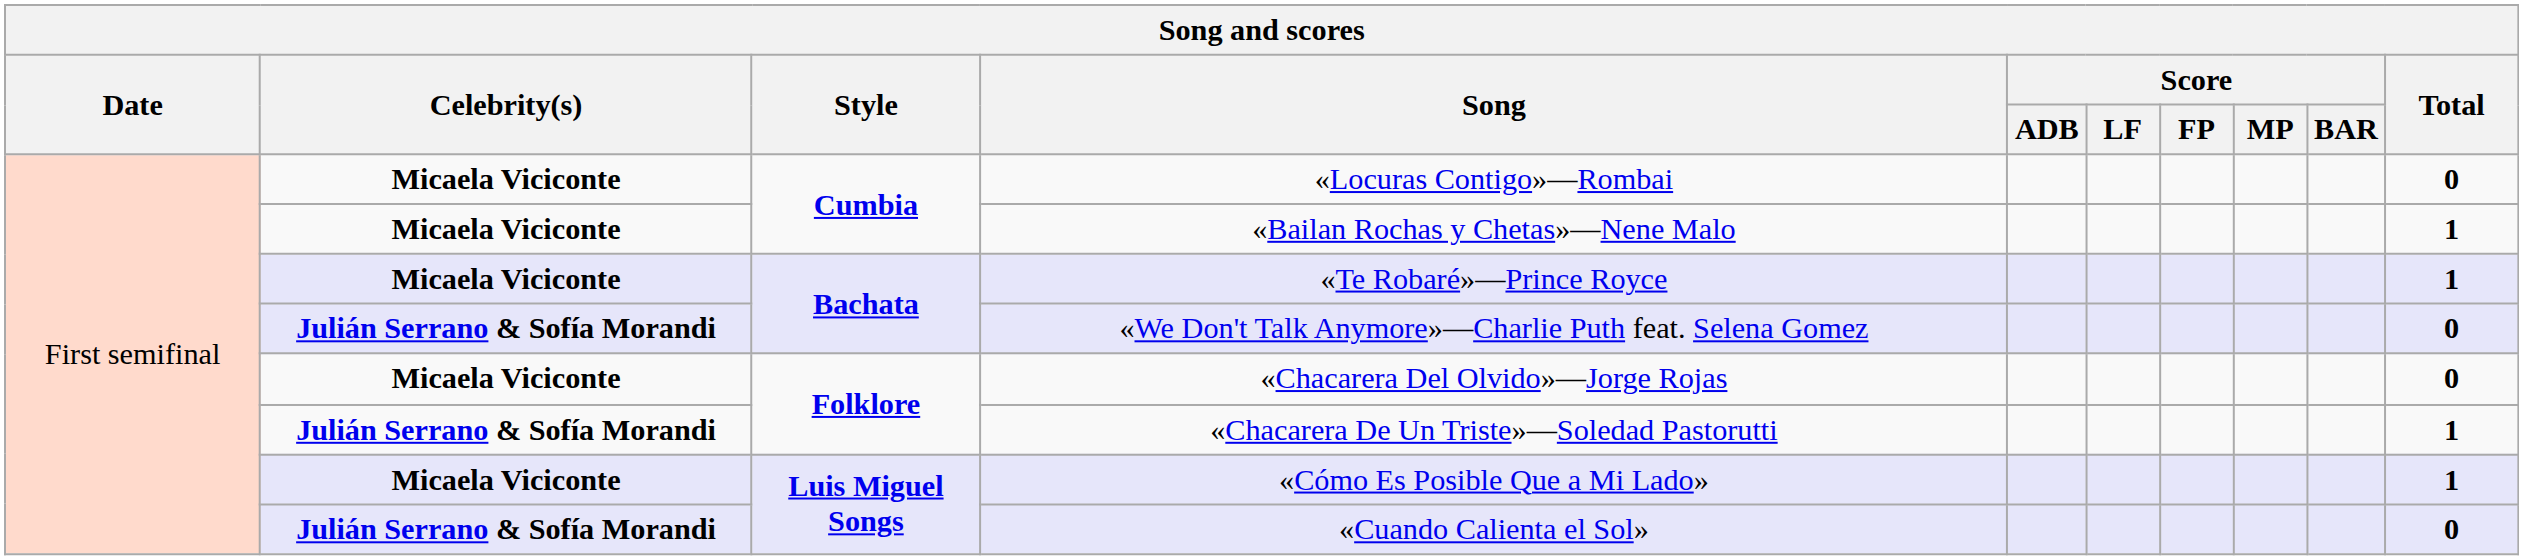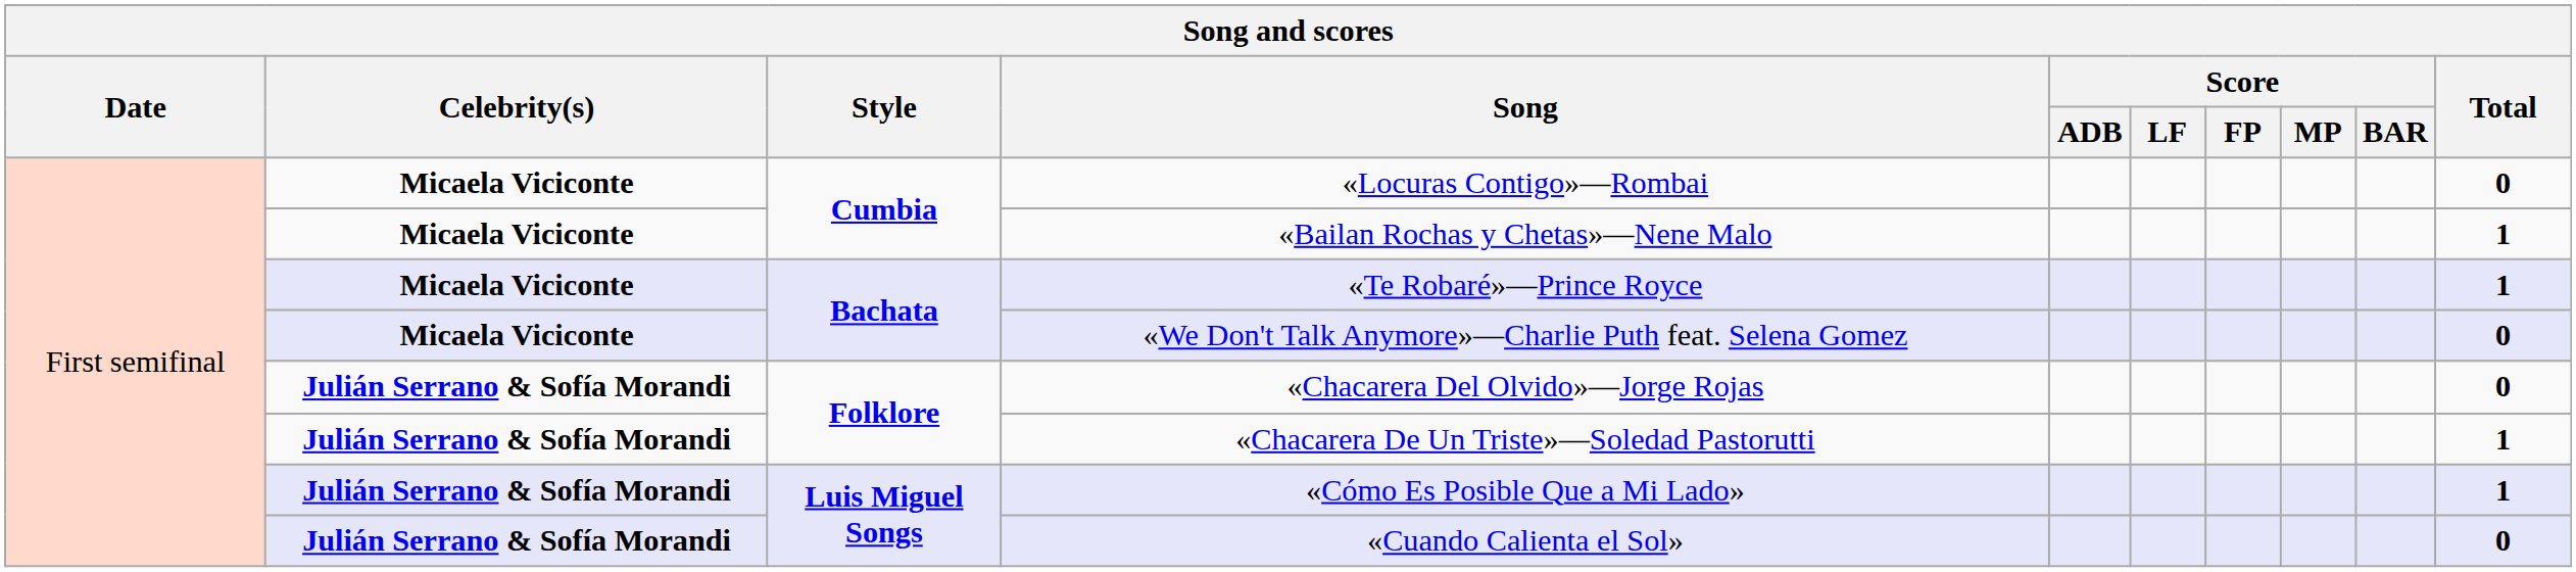 <table class="wikitable collapsible collapsed" style="font-size:95%; text-align: center; width: 100%;">
 <tr>
 <th colspan="11" style="with: 100%;" align=center>Song and scores</th>
 </tr>
 <tr>
 <th rowspan="2">Date</th>
 <th rowspan="2" width="240">Celebrity(s)</th>
 <th rowspan="2">Style</th>
 <th rowspan="2">Song</th>
 <th colspan="5">Score</th>
 <th rowspan="2" width="60">Total</th>
 </tr>
 <tr>
 <th width=30>ADB</th>
 <th width=30>LF</th>
 <th width=30>FP</th>
 <th width=30>MP</th>
 <th width=30>BAR</th>
 </tr>
 <tr>
 <td rowspan="8" style=" background:#ffdacc">First semifinal<br></td>
 <td><strong>Micaela Viciconte</strong></td>
 <td rowspan="2"><strong><a href='#'>Cumbia</a></strong></td>
 <td>«<a href='#'>Locuras Contigo</a>»—<a href='#'>Rombai</a></td>
 <td></td>
 <td></td>
 <td></td>
 <td></td>
 <td></td>
 <td><strong>0</strong></td>
 </tr>
 <tr>
 <td><strong>Micaela Viciconte</strong></td>
 <td>«<a href='#'>Bailan Rochas y Chetas</a>»—<a href='#'>Nene Malo</a></td>
 <td></td>
 <td></td>
 <td></td>
 <td></td>
 <td></td>
 <td><strong>1</strong></td>
 </tr>
 <tr style="background:lavender;">
 <td><strong>Micaela Viciconte</strong></td>
 <td rowspan="2"><strong><a href='#'>Bachata</a></strong></td>
 <td>«<a href='#'>Te Robaré</a>»—<a href='#'>Prince Royce</a></td>
 <td></td>
 <td></td>
 <td></td>
 <td></td>
 <td></td>
 <td><strong>1</strong></td>
 </tr>
 <tr style="background:lavender;">
-<td><strong><a href='#'>Julián Serrano</a> & Sofía Morandi</strong></td>
+<td><strong>Micaela Viciconte</strong></td>
 <td>«<a href='#'>We Don't Talk Anymore</a>»—<a href='#'>Charlie Puth</a> feat. <a href='#'>Selena Gomez</a></td>
 <td></td>
 <td></td>
 <td></td>
 <td></td>
 <td></td>
 <td><strong>0</strong></td>
 </tr>
 <tr>
-<td><strong>Micaela Viciconte</strong></td>
+<td><strong><a href='#'>Julián Serrano</a> & Sofía Morandi</strong></td>
 <td rowspan="2"><strong><a href='#'>Folklore</a></strong></td>
 <td>«<a href='#'>Chacarera Del Olvido</a>»—<a href='#'>Jorge Rojas</a></td>
 <td></td>
 <td></td>
 <td></td>
 <td></td>
 <td></td>
 <td><strong>0</strong></td>
 </tr>
 <tr>
 <td><strong><a href='#'>Julián Serrano</a> & Sofía Morandi</strong></td>
 <td>«<a href='#'>Chacarera De Un Triste</a>»—<a href='#'>Soledad Pastorutti</a></td>
 <td></td>
 <td></td>
 <td></td>
 <td></td>
 <td></td>
 <td><strong>1</strong></td>
 </tr>
 <tr style="background:lavender;">
-<td><strong>Micaela Viciconte</strong></td>
+<td><strong><a href='#'>Julián Serrano</a> & Sofía Morandi</strong></td>
 <td rowspan="2"><strong><a href='#'>Luis Miguel<br>Songs</a></strong></td>
 <td>«<a href='#'>Cómo Es Posible Que a Mi Lado</a>»</td>
 <td></td>
 <td></td>
 <td></td>
 <td></td>
 <td></td>
 <td><strong>1</strong></td>
 </tr>
 <tr style="background:lavender;">
 <td><strong><a href='#'>Julián Serrano</a> & Sofía Morandi</strong></td>
 <td>«<a href='#'>Cuando Calienta el Sol</a>»</td>
 <td></td>
 <td></td>
 <td></td>
 <td></td>
 <td></td>
 <td><strong>0</strong></td>
 </tr>
 </table>
